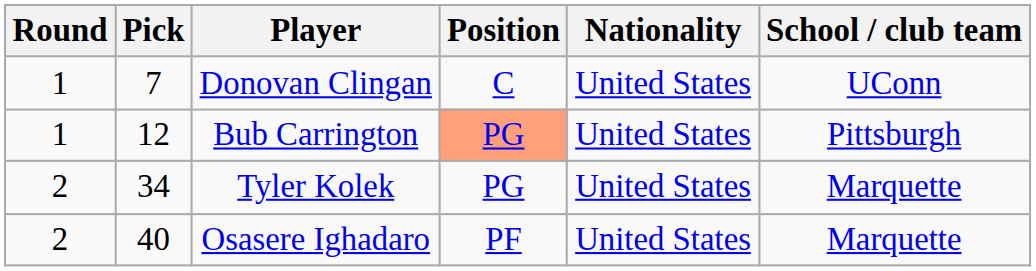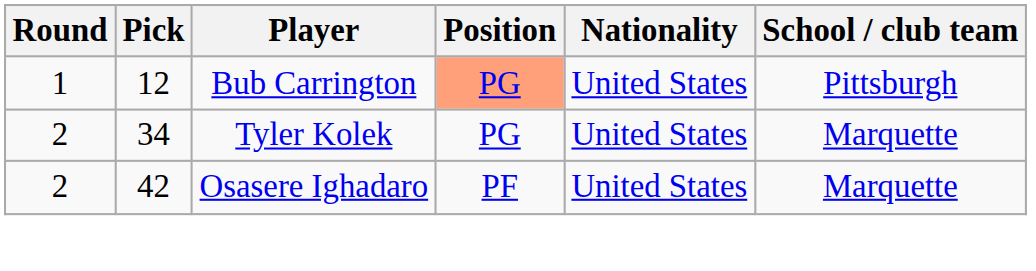 <table class="wikitable sortable sortable">
 <tr>
 <th>Round</th>
 <th>Pick</th>
 <th>Player</th>
 <th>Position</th>
 <th>Nationality</th>
 <th>School / club team</th>
-</tr>
-<tr style="text-align: center">
-<td>1</td>
-<td>7</td>
-<td><a href='#'>Donovan Clingan</a></td>
-<td><a href='#'>C</a></td>
-<td> <a href='#'>United States</a></td>
-<td><a href='#'>UConn</a></td>
 </tr>
 <tr style="text-align: center">
 <td>1</td>
 <td>12</td>
 <td><a href='#'>Bub Carrington</a></td>
 <td style="background: lightsalmon;"><a href='#'>PG</a></td>
 <td> <a href='#'>United States</a></td>
 <td><a href='#'>Pittsburgh</a></td>
 </tr>
 <tr style="text-align: center">
 <td>2</td>
 <td>34</td>
 <td><a href='#'>Tyler Kolek</a></td>
 <td><a href='#'>PG</a></td>
 <td> <a href='#'>United States</a></td>
 <td><a href='#'>Marquette</a></td>
 </tr>
 <tr style="text-align: center">
 <td>2</td>
-<td>40</td>
+<td>42</td>
 <td><a href='#'>Osasere Ighadaro</a></td>
 <td><a href='#'>PF</a></td>
 <td> <a href='#'>United States</a></td>
 <td><a href='#'>Marquette</a></td>
 </tr>
 </table>
